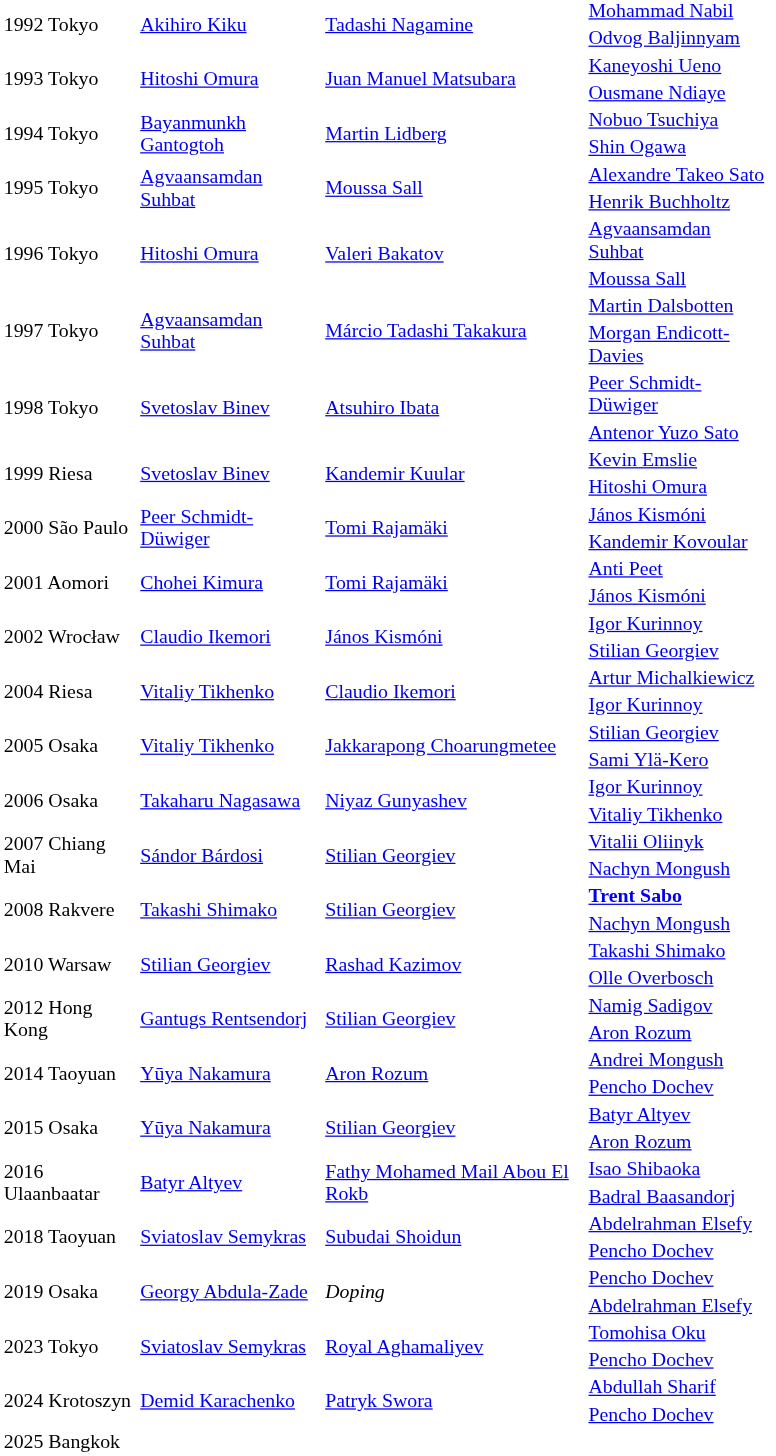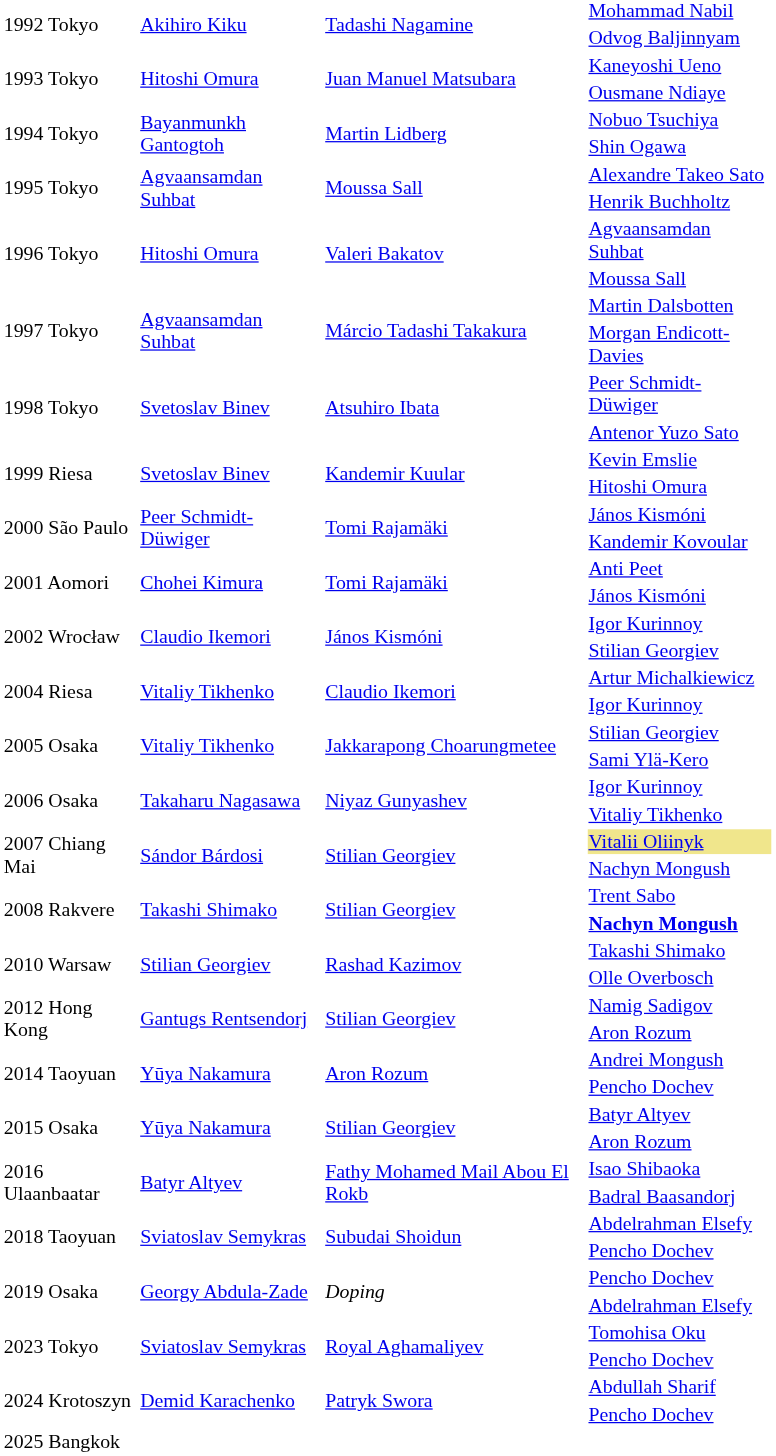 <table>
 <tr>
 <td rowspan=2>1992 Tokyo</td>
 <td rowspan=2> <a href='#'>Akihiro Kiku</a></td>
 <td rowspan=2> <a href='#'>Tadashi Nagamine</a></td>
 <td> <a href='#'>Mohammad Nabil</a></td>
 </tr>
 <tr>
 <td> <a href='#'>Odvog Baljinnyam</a></td>
 </tr>
 <tr>
 <td rowspan=2>1993 Tokyo</td>
 <td rowspan=2> <a href='#'>Hitoshi Omura</a></td>
 <td rowspan=2> <a href='#'>Juan Manuel Matsubara</a></td>
 <td> <a href='#'>Kaneyoshi Ueno</a></td>
 </tr>
 <tr>
 <td> <a href='#'>Ousmane Ndiaye</a></td>
 </tr>
 <tr>
 <td rowspan=2>1994 Tokyo</td>
 <td rowspan=2> <a href='#'>Bayanmunkh Gantogtoh</a></td>
 <td rowspan=2> <a href='#'>Martin Lidberg</a></td>
 <td> <a href='#'>Nobuo Tsuchiya</a></td>
 </tr>
 <tr>
 <td> <a href='#'>Shin Ogawa</a></td>
 </tr>
 <tr>
 <td rowspan=2>1995 Tokyo</td>
 <td rowspan=2> <a href='#'>Agvaansamdan Suhbat</a></td>
 <td rowspan=2> <a href='#'>Moussa Sall</a></td>
 <td> <a href='#'>Alexandre Takeo Sato</a></td>
 </tr>
 <tr>
 <td> <a href='#'>Henrik Buchholtz</a></td>
 </tr>
 <tr>
 <td rowspan=2>1996 Tokyo</td>
 <td rowspan=2> <a href='#'>Hitoshi Omura</a></td>
 <td rowspan=2> <a href='#'>Valeri Bakatov</a></td>
 <td> <a href='#'>Agvaansamdan Suhbat</a></td>
 </tr>
 <tr>
 <td> <a href='#'>Moussa Sall</a></td>
 </tr>
 <tr>
 <td rowspan=2>1997 Tokyo</td>
 <td rowspan=2> <a href='#'>Agvaansamdan Suhbat</a></td>
 <td rowspan=2> <a href='#'>Márcio Tadashi Takakura</a></td>
 <td> <a href='#'>Martin Dalsbotten</a></td>
 </tr>
 <tr>
 <td> <a href='#'>Morgan Endicott-Davies</a></td>
 </tr>
 <tr>
 <td rowspan=2>1998 Tokyo</td>
 <td rowspan=2> <a href='#'>Svetoslav Binev</a></td>
 <td rowspan=2> <a href='#'>Atsuhiro Ibata</a></td>
 <td> <a href='#'>Peer Schmidt-Düwiger</a></td>
 </tr>
 <tr>
 <td> <a href='#'>Antenor Yuzo Sato</a></td>
 </tr>
 <tr>
 <td rowspan=2>1999 Riesa</td>
 <td rowspan=2> <a href='#'>Svetoslav Binev</a></td>
 <td rowspan=2> <a href='#'>Kandemir Kuular</a></td>
 <td> <a href='#'>Kevin Emslie</a></td>
 </tr>
 <tr>
 <td> <a href='#'>Hitoshi Omura</a></td>
 </tr>
 <tr>
 <td rowspan=2>2000 São Paulo</td>
 <td rowspan=2> <a href='#'>Peer Schmidt-Düwiger</a></td>
 <td rowspan=2> <a href='#'>Tomi Rajamäki</a></td>
 <td> <a href='#'>János Kismóni</a></td>
 </tr>
 <tr>
 <td> <a href='#'>Kandemir Kovoular</a></td>
 </tr>
 <tr>
 <td rowspan=2>2001 Aomori</td>
 <td rowspan=2> <a href='#'>Chohei Kimura</a></td>
 <td rowspan=2> <a href='#'>Tomi Rajamäki</a></td>
 <td> <a href='#'>Anti Peet</a></td>
 </tr>
 <tr>
 <td> <a href='#'>János Kismóni</a></td>
 </tr>
 <tr>
 <td rowspan=2>2002 Wrocław</td>
 <td rowspan=2> <a href='#'>Claudio Ikemori</a></td>
 <td rowspan=2> <a href='#'>János Kismóni</a></td>
 <td> <a href='#'>Igor Kurinnoy</a></td>
 </tr>
 <tr>
 <td> <a href='#'>Stilian Georgiev</a></td>
 </tr>
 <tr>
 <td rowspan=2>2004 Riesa</td>
 <td rowspan=2> <a href='#'>Vitaliy Tikhenko</a></td>
 <td rowspan=2> <a href='#'>Claudio Ikemori</a></td>
 <td> <a href='#'>Artur Michalkiewicz</a></td>
 </tr>
 <tr>
 <td> <a href='#'>Igor Kurinnoy</a></td>
 </tr>
 <tr>
 <td rowspan=2>2005 Osaka</td>
 <td rowspan=2> <a href='#'>Vitaliy Tikhenko</a></td>
 <td rowspan=2> <a href='#'>Jakkarapong Choarungmetee</a></td>
 <td> <a href='#'>Stilian Georgiev</a></td>
 </tr>
 <tr>
 <td> <a href='#'>Sami Ylä-Kero</a></td>
 </tr>
 <tr>
 <td rowspan=2>2006 Osaka</td>
 <td rowspan=2> <a href='#'>Takaharu Nagasawa</a></td>
 <td rowspan=2> <a href='#'>Niyaz Gunyashev</a></td>
 <td> <a href='#'>Igor Kurinnoy</a></td>
 </tr>
 <tr>
 <td> <a href='#'>Vitaliy Tikhenko</a></td>
 </tr>
 <tr>
 <td rowspan=2>2007 Chiang Mai</td>
 <td rowspan=2> <a href='#'>Sándor Bárdosi</a></td>
 <td rowspan=2> <a href='#'>Stilian Georgiev</a></td>
-<td> <a href='#'>Vitalii Oliinyk</a></td>
+<td style="background: khaki;"> <a href='#'>Vitalii Oliinyk</a></td>
 </tr>
 <tr>
 <td> <a href='#'>Nachyn Mongush</a></td>
 </tr>
 <tr>
 <td rowspan=2>2008 Rakvere</td>
 <td rowspan=2> <a href='#'>Takashi Shimako</a></td>
 <td rowspan=2> <a href='#'>Stilian Georgiev</a></td>
-<td><strong> <a href='#'>Trent Sabo</a></strong></td>
+<td> <a href='#'>Trent Sabo</a></td>
 </tr>
 <tr>
-<td> <a href='#'>Nachyn Mongush</a></td>
+<td><strong> <a href='#'>Nachyn Mongush</a></strong></td>
 </tr>
 <tr>
 <td rowspan=2>2010 Warsaw</td>
 <td rowspan=2> <a href='#'>Stilian Georgiev</a></td>
 <td rowspan=2> <a href='#'>Rashad Kazimov</a></td>
 <td> <a href='#'>Takashi Shimako</a></td>
 </tr>
 <tr>
 <td> <a href='#'>Olle Overbosch</a></td>
 </tr>
 <tr>
 <td rowspan=2>2012 Hong Kong</td>
 <td rowspan=2> <a href='#'>Gantugs Rentsendorj</a></td>
 <td rowspan=2> <a href='#'>Stilian Georgiev</a></td>
 <td> <a href='#'>Namig Sadigov</a></td>
 </tr>
 <tr>
 <td> <a href='#'>Aron Rozum</a></td>
 </tr>
 <tr>
 <td rowspan=2>2014 Taoyuan</td>
 <td rowspan=2> <a href='#'>Yūya Nakamura</a></td>
 <td rowspan=2> <a href='#'>Aron Rozum</a></td>
 <td> <a href='#'>Andrei Mongush</a></td>
 </tr>
 <tr>
 <td> <a href='#'>Pencho Dochev</a></td>
 </tr>
 <tr>
 <td rowspan=2>2015 Osaka</td>
 <td rowspan=2> <a href='#'>Yūya Nakamura</a></td>
 <td rowspan=2> <a href='#'>Stilian Georgiev</a></td>
 <td> <a href='#'>Batyr Altyev</a></td>
 </tr>
 <tr>
 <td> <a href='#'>Aron Rozum</a></td>
 </tr>
 <tr>
 <td rowspan=2>2016 Ulaanbaatar</td>
 <td rowspan=2> <a href='#'>Batyr Altyev</a></td>
 <td rowspan=2> <a href='#'>Fathy Mohamed Mail Abou El Rokb</a></td>
 <td> <a href='#'>Isao Shibaoka</a></td>
 </tr>
 <tr>
 <td> <a href='#'>Badral Baasandorj</a></td>
 </tr>
 <tr>
 <td rowspan=2>2018 Taoyuan</td>
 <td rowspan=2> <a href='#'>Sviatoslav Semykras</a></td>
 <td rowspan=2> <a href='#'>Subudai Shoidun</a></td>
 <td> <a href='#'>Abdelrahman Elsefy</a></td>
 </tr>
 <tr>
 <td> <a href='#'>Pencho Dochev</a></td>
 </tr>
 <tr>
 <td rowspan=2>2019 Osaka</td>
 <td rowspan=2> <a href='#'>Georgy Abdula-Zade</a></td>
 <td rowspan=2><em>Doping</em></td>
 <td> <a href='#'>Pencho Dochev</a></td>
 </tr>
 <tr>
 <td> <a href='#'>Abdelrahman Elsefy</a></td>
 </tr>
 <tr>
 <td rowspan=2>2023 Tokyo</td>
 <td rowspan=2> <a href='#'>Sviatoslav Semykras</a></td>
 <td rowspan=2> <a href='#'>Royal Aghamaliyev</a></td>
 <td> <a href='#'>Tomohisa Oku</a></td>
 </tr>
 <tr>
 <td> <a href='#'>Pencho Dochev</a></td>
 </tr>
 <tr>
 <td rowspan=2>2024 Krotoszyn</td>
 <td rowspan=2> <a href='#'>Demid Karachenko</a></td>
 <td rowspan=2> <a href='#'>Patryk Swora</a></td>
 <td> <a href='#'>Abdullah Sharif</a></td>
 </tr>
 <tr>
 <td> <a href='#'>Pencho Dochev</a></td>
 </tr>
 <tr>
 <td rowspan=2>2025 Bangkok</td>
 <td rowspan=2></td>
 <td rowspan=2></td>
 <td></td>
 </tr>
 <tr>
 <td></td>
 </tr>
 </table>
